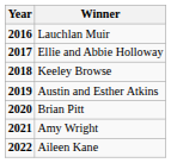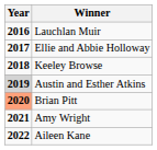 <table class="wikitable">
 <tr>
 <th>Year</th>
 <th>Winner</th>
 </tr>
 <tr>
 <td><strong>2016</strong></td>
 <td>Lauchlan Muir</td>
 </tr>
 <tr>
 <td><strong>2017</strong></td>
 <td>Ellie and Abbie Holloway</td>
 </tr>
 <tr>
 <td><strong>2018</strong></td>
 <td>Keeley Browse</td>
 </tr>
 <tr>
-<td><strong>2019</strong></td>
+<td style="background: lightgrey;"><strong>2019</strong></td>
 <td>Austin and Esther Atkins</td>
 </tr>
 <tr>
-<td><strong>2020</strong></td>
+<td style="background: lightsalmon;"><strong>2020</strong></td>
 <td>Brian Pitt</td>
 </tr>
 <tr>
 <td><strong>2021</strong></td>
 <td>Amy Wright</td>
 </tr>
 <tr>
 <td><strong>2022</strong></td>
 <td>Aileen Kane</td>
 </tr>
 </table>
